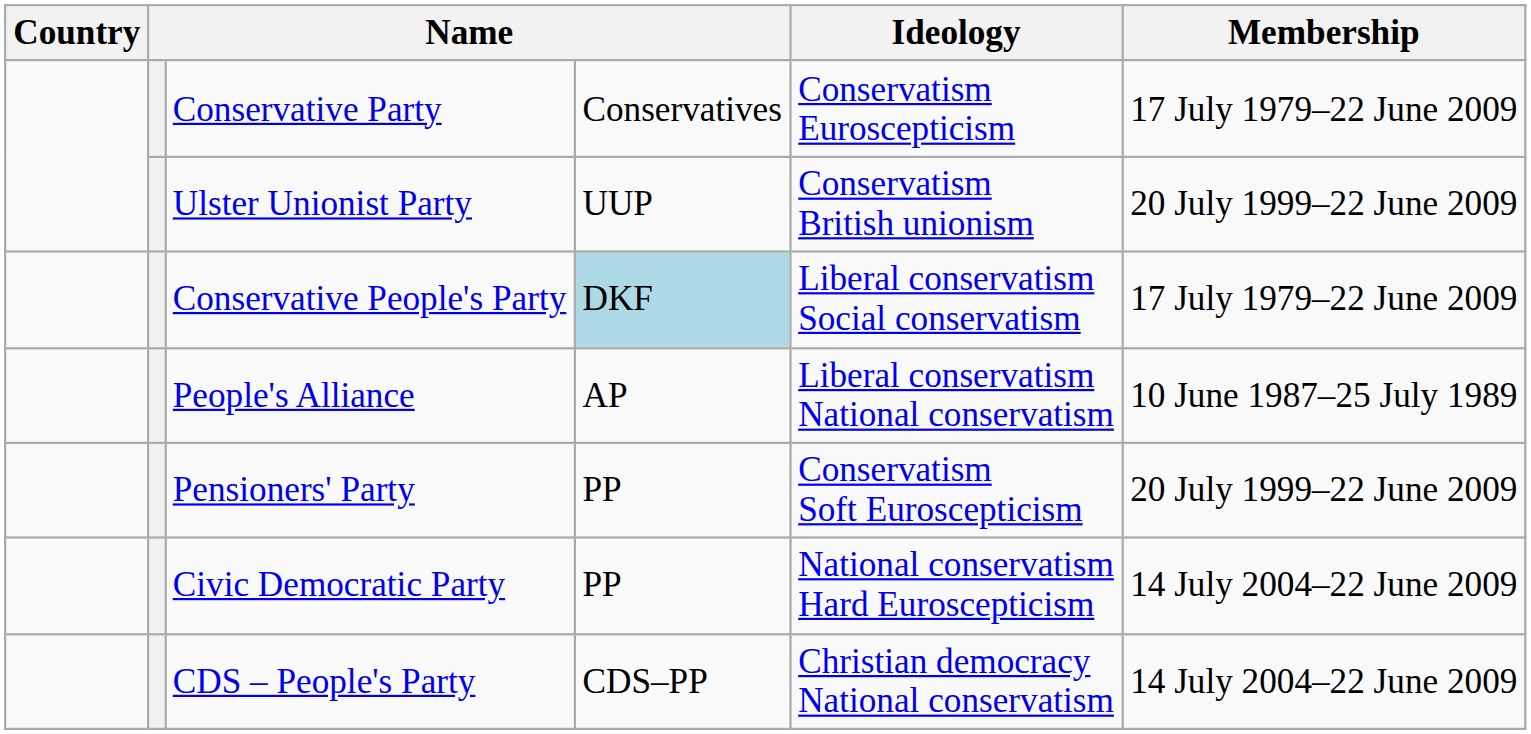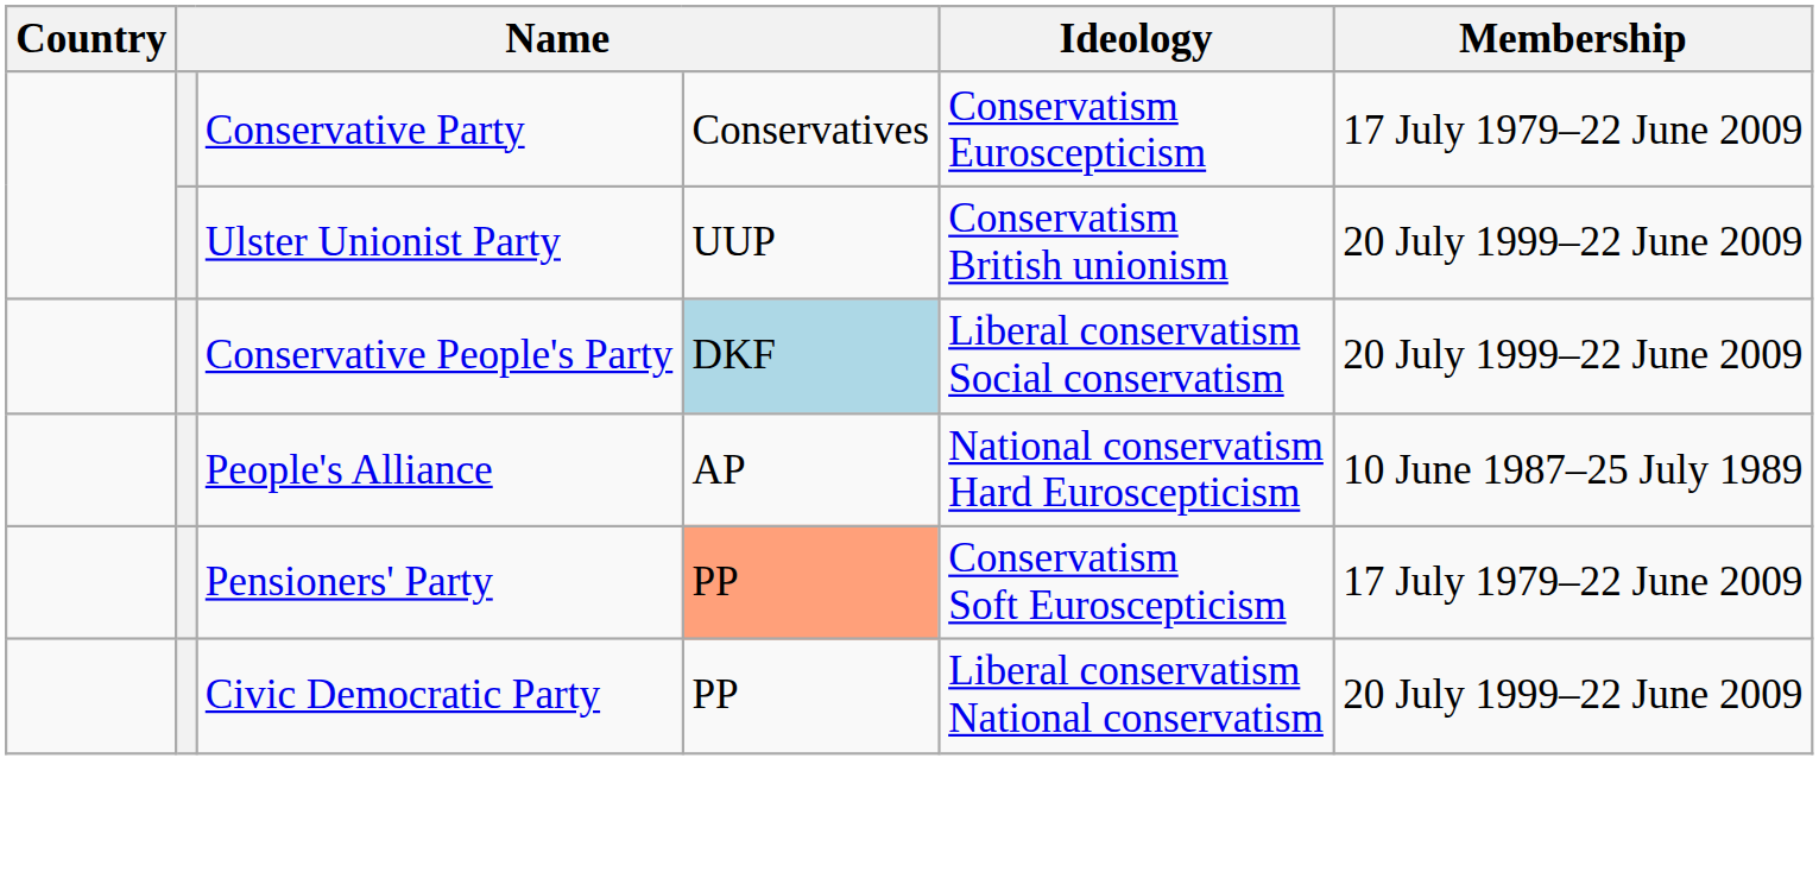 <table class="wikitable">
 <tr>
 <th>Country</th>
 <th colspan="3">Name</th>
 <th>Ideology</th>
 <th>Membership</th>
 </tr>
 <tr>
 <td rowspan="2"></td>
 <th style="background:"></th>
 <td><a href='#'>Conservative Party</a></td>
 <td>Conservatives</td>
 <td><a href='#'>Conservatism</a><br><a href='#'>Euroscepticism</a></td>
 <td>17 July 1979–22 June 2009</td>
 </tr>
 <tr>
 <th style="background:"></th>
 <td><a href='#'>Ulster Unionist Party</a></td>
 <td>UUP</td>
 <td><a href='#'>Conservatism</a><br><a href='#'>British unionism</a></td>
 <td>20 July 1999–22 June 2009</td>
 </tr>
 <tr>
 <td></td>
 <th style="background:"></th>
 <td><a href='#'>Conservative People's Party</a></td>
 <td style="background: lightblue;">DKF</td>
 <td><a href='#'>Liberal conservatism</a><br><a href='#'>Social conservatism</a></td>
-<td>17 July 1979–22 June 2009</td>
+<td>20 July 1999–22 June 2009</td>
 </tr>
 <tr>
 <td></td>
 <th style="background:"></th>
 <td><a href='#'>People's Alliance</a></td>
 <td>AP</td>
-<td><a href='#'>Liberal conservatism</a><br><a href='#'>National conservatism</a></td>
+<td><a href='#'>National conservatism</a><br><a href='#'>Hard Euroscepticism</a></td>
 <td>10 June 1987–25 July 1989</td>
 </tr>
 <tr>
 <td></td>
 <th style="background:"></th>
 <td><a href='#'>Pensioners' Party</a></td>
-<td>PP</td>
+<td style="background: lightsalmon;">PP</td>
 <td><a href='#'>Conservatism</a><br><a href='#'>Soft Euroscepticism</a></td>
-<td>20 July 1999–22 June 2009</td>
+<td>17 July 1979–22 June 2009</td>
 </tr>
 <tr>
 <td></td>
 <th style="background:"></th>
 <td><a href='#'>Civic Democratic Party</a></td>
 <td>PP</td>
-<td><a href='#'>National conservatism</a><br><a href='#'>Hard Euroscepticism</a></td>
-<td>14 July 2004–22 June 2009</td>
-</tr>
-<tr>
-<td></td>
-<th style="background:"></th>
-<td><a href='#'>CDS – People's Party</a></td>
-<td>CDS–PP</td>
-<td><a href='#'>Christian democracy</a><br><a href='#'>National conservatism</a></td>
-<td>14 July 2004–22 June 2009</td>
+<td><a href='#'>Liberal conservatism</a><br><a href='#'>National conservatism</a></td>
+<td>20 July 1999–22 June 2009</td>
 </tr>
 </table>
